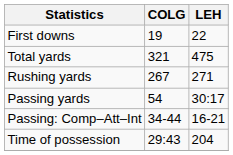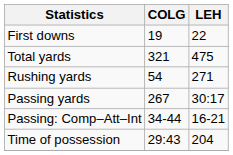 <table class="wikitable" style="float: left;">
 <tr>
 <th>Statistics</th>
 <th>COLG</th>
 <th>LEH</th>
 </tr>
 <tr>
 <td>First downs</td>
 <td>19</td>
 <td>22</td>
 </tr>
 <tr>
 <td>Total yards</td>
 <td>321</td>
 <td>475</td>
 </tr>
 <tr>
 <td>Rushing yards</td>
-<td>267</td>
+<td>54</td>
 <td>271</td>
 </tr>
 <tr>
 <td>Passing yards</td>
-<td>54</td>
+<td>267</td>
 <td>30:17</td>
 </tr>
 <tr>
 <td>Passing: Comp–Att–Int</td>
 <td>34-44</td>
 <td>16-21</td>
 </tr>
 <tr>
 <td>Time of possession</td>
 <td>29:43</td>
 <td>204</td>
 </tr>
 <tr>
 </tr>
 </table>
